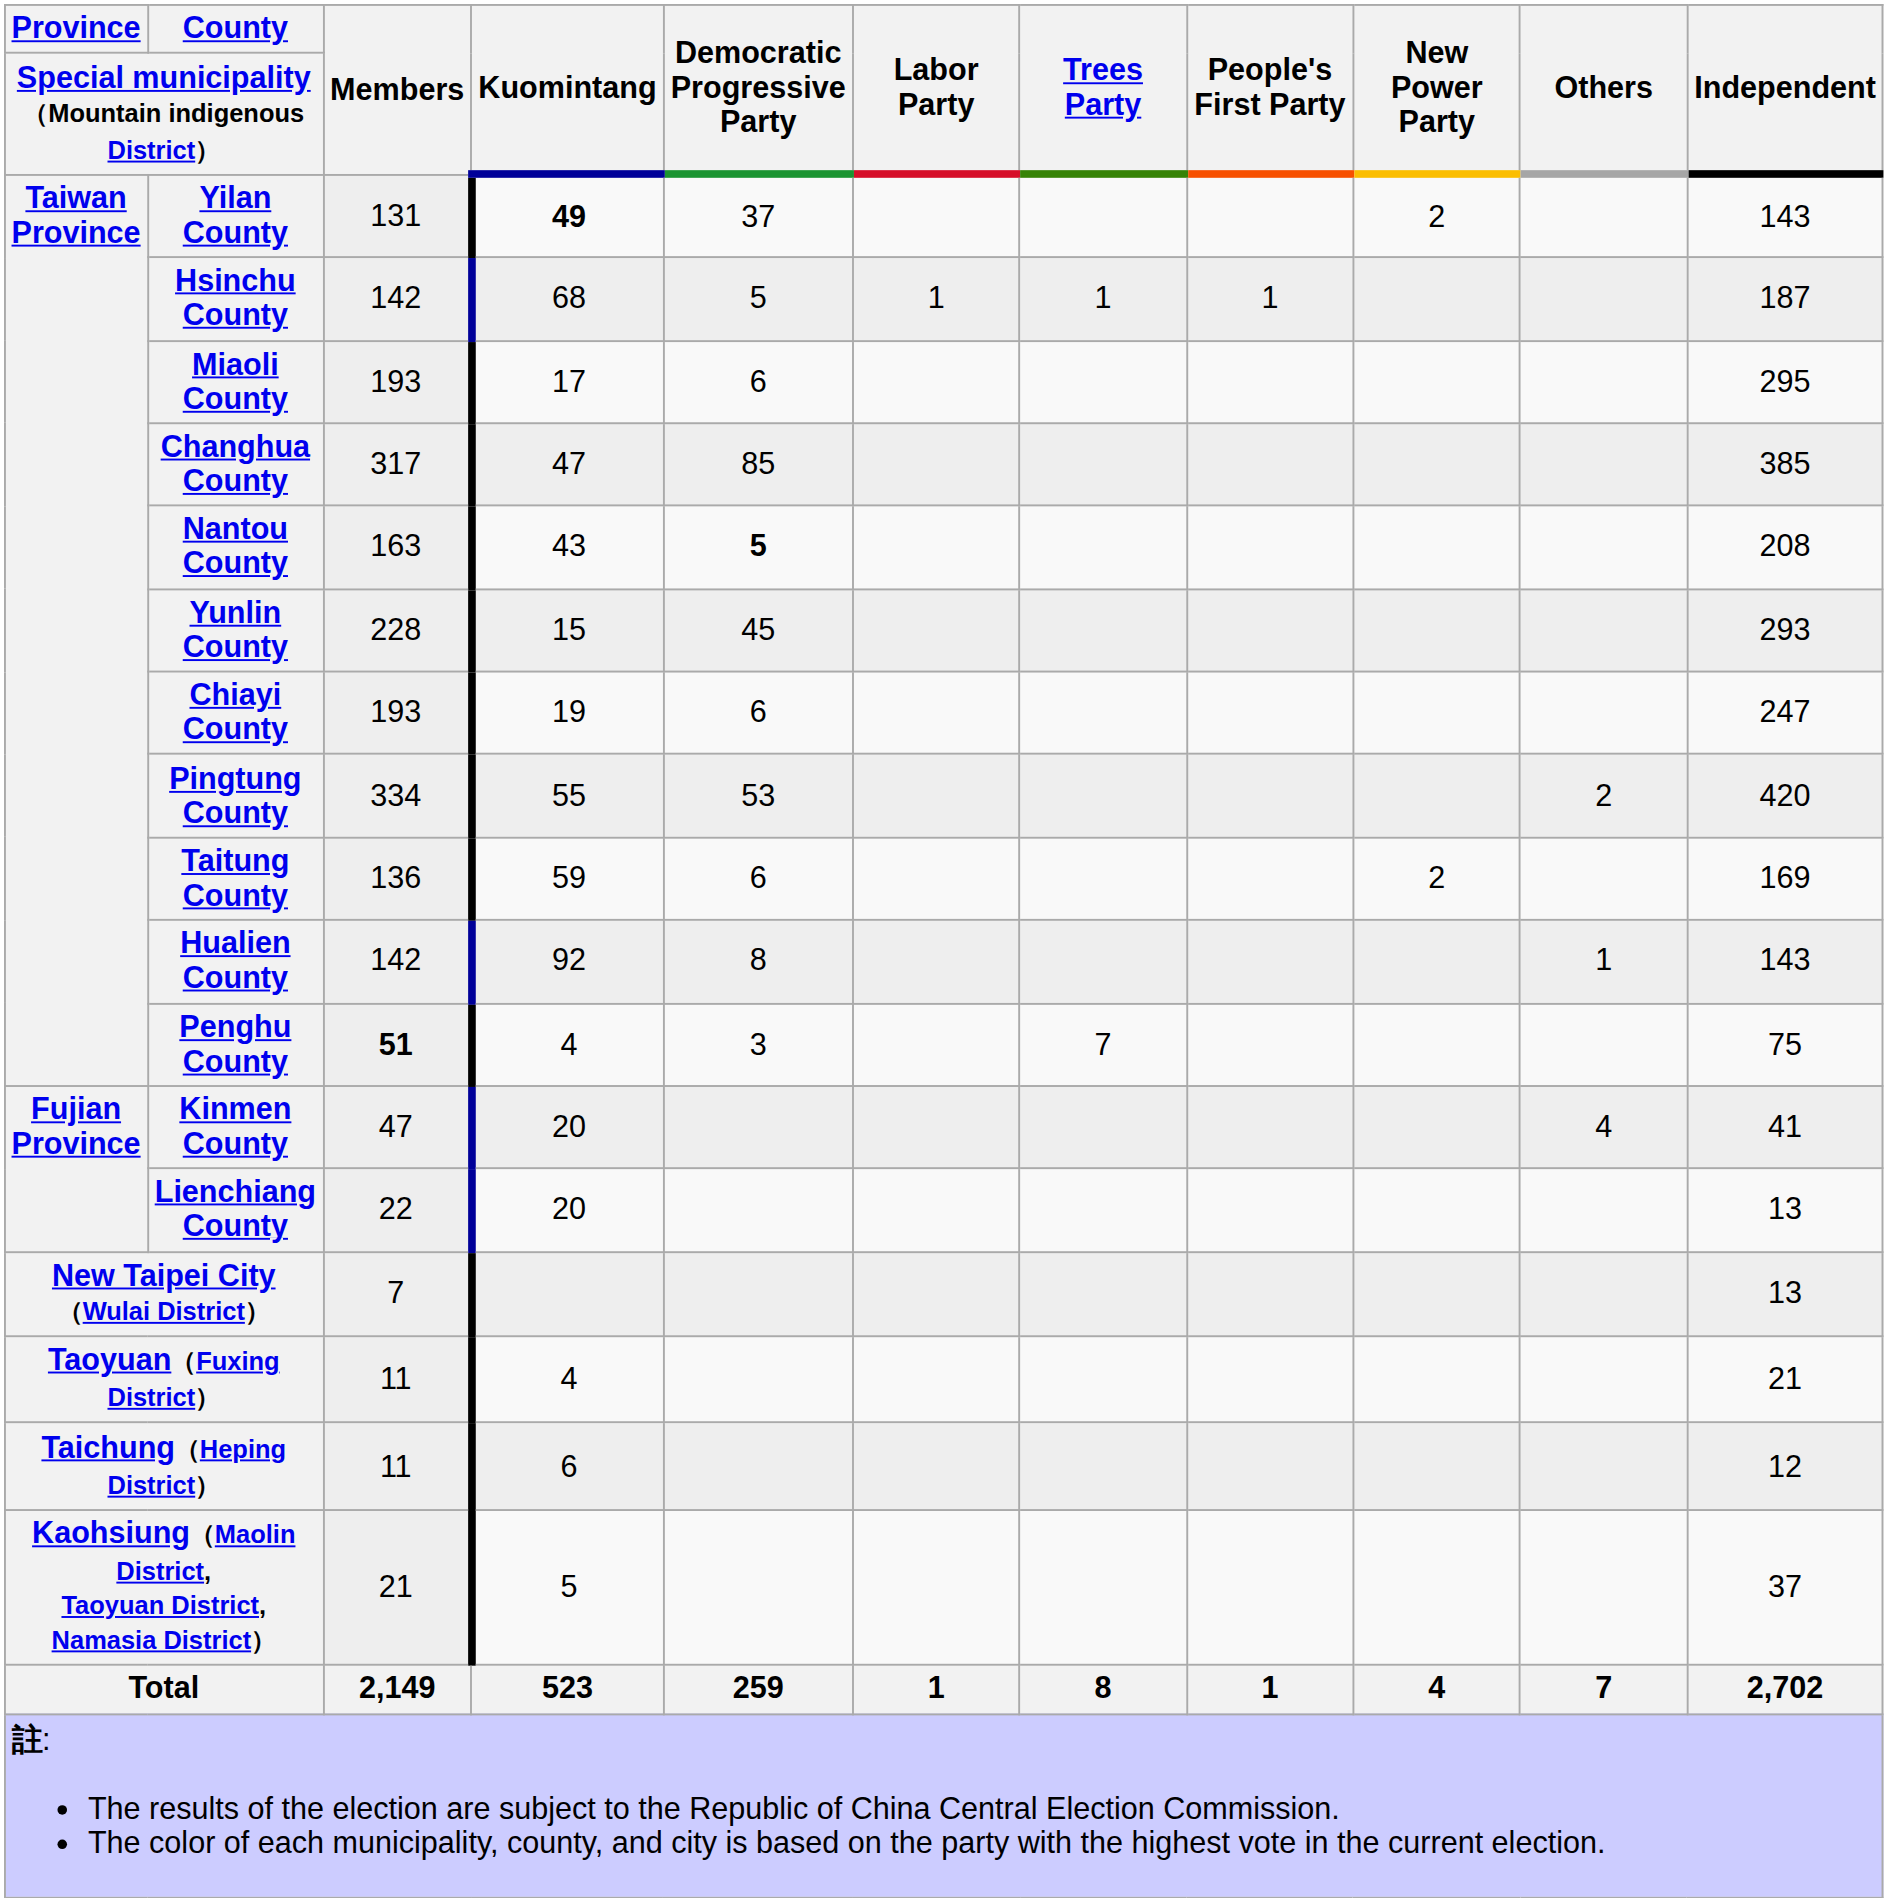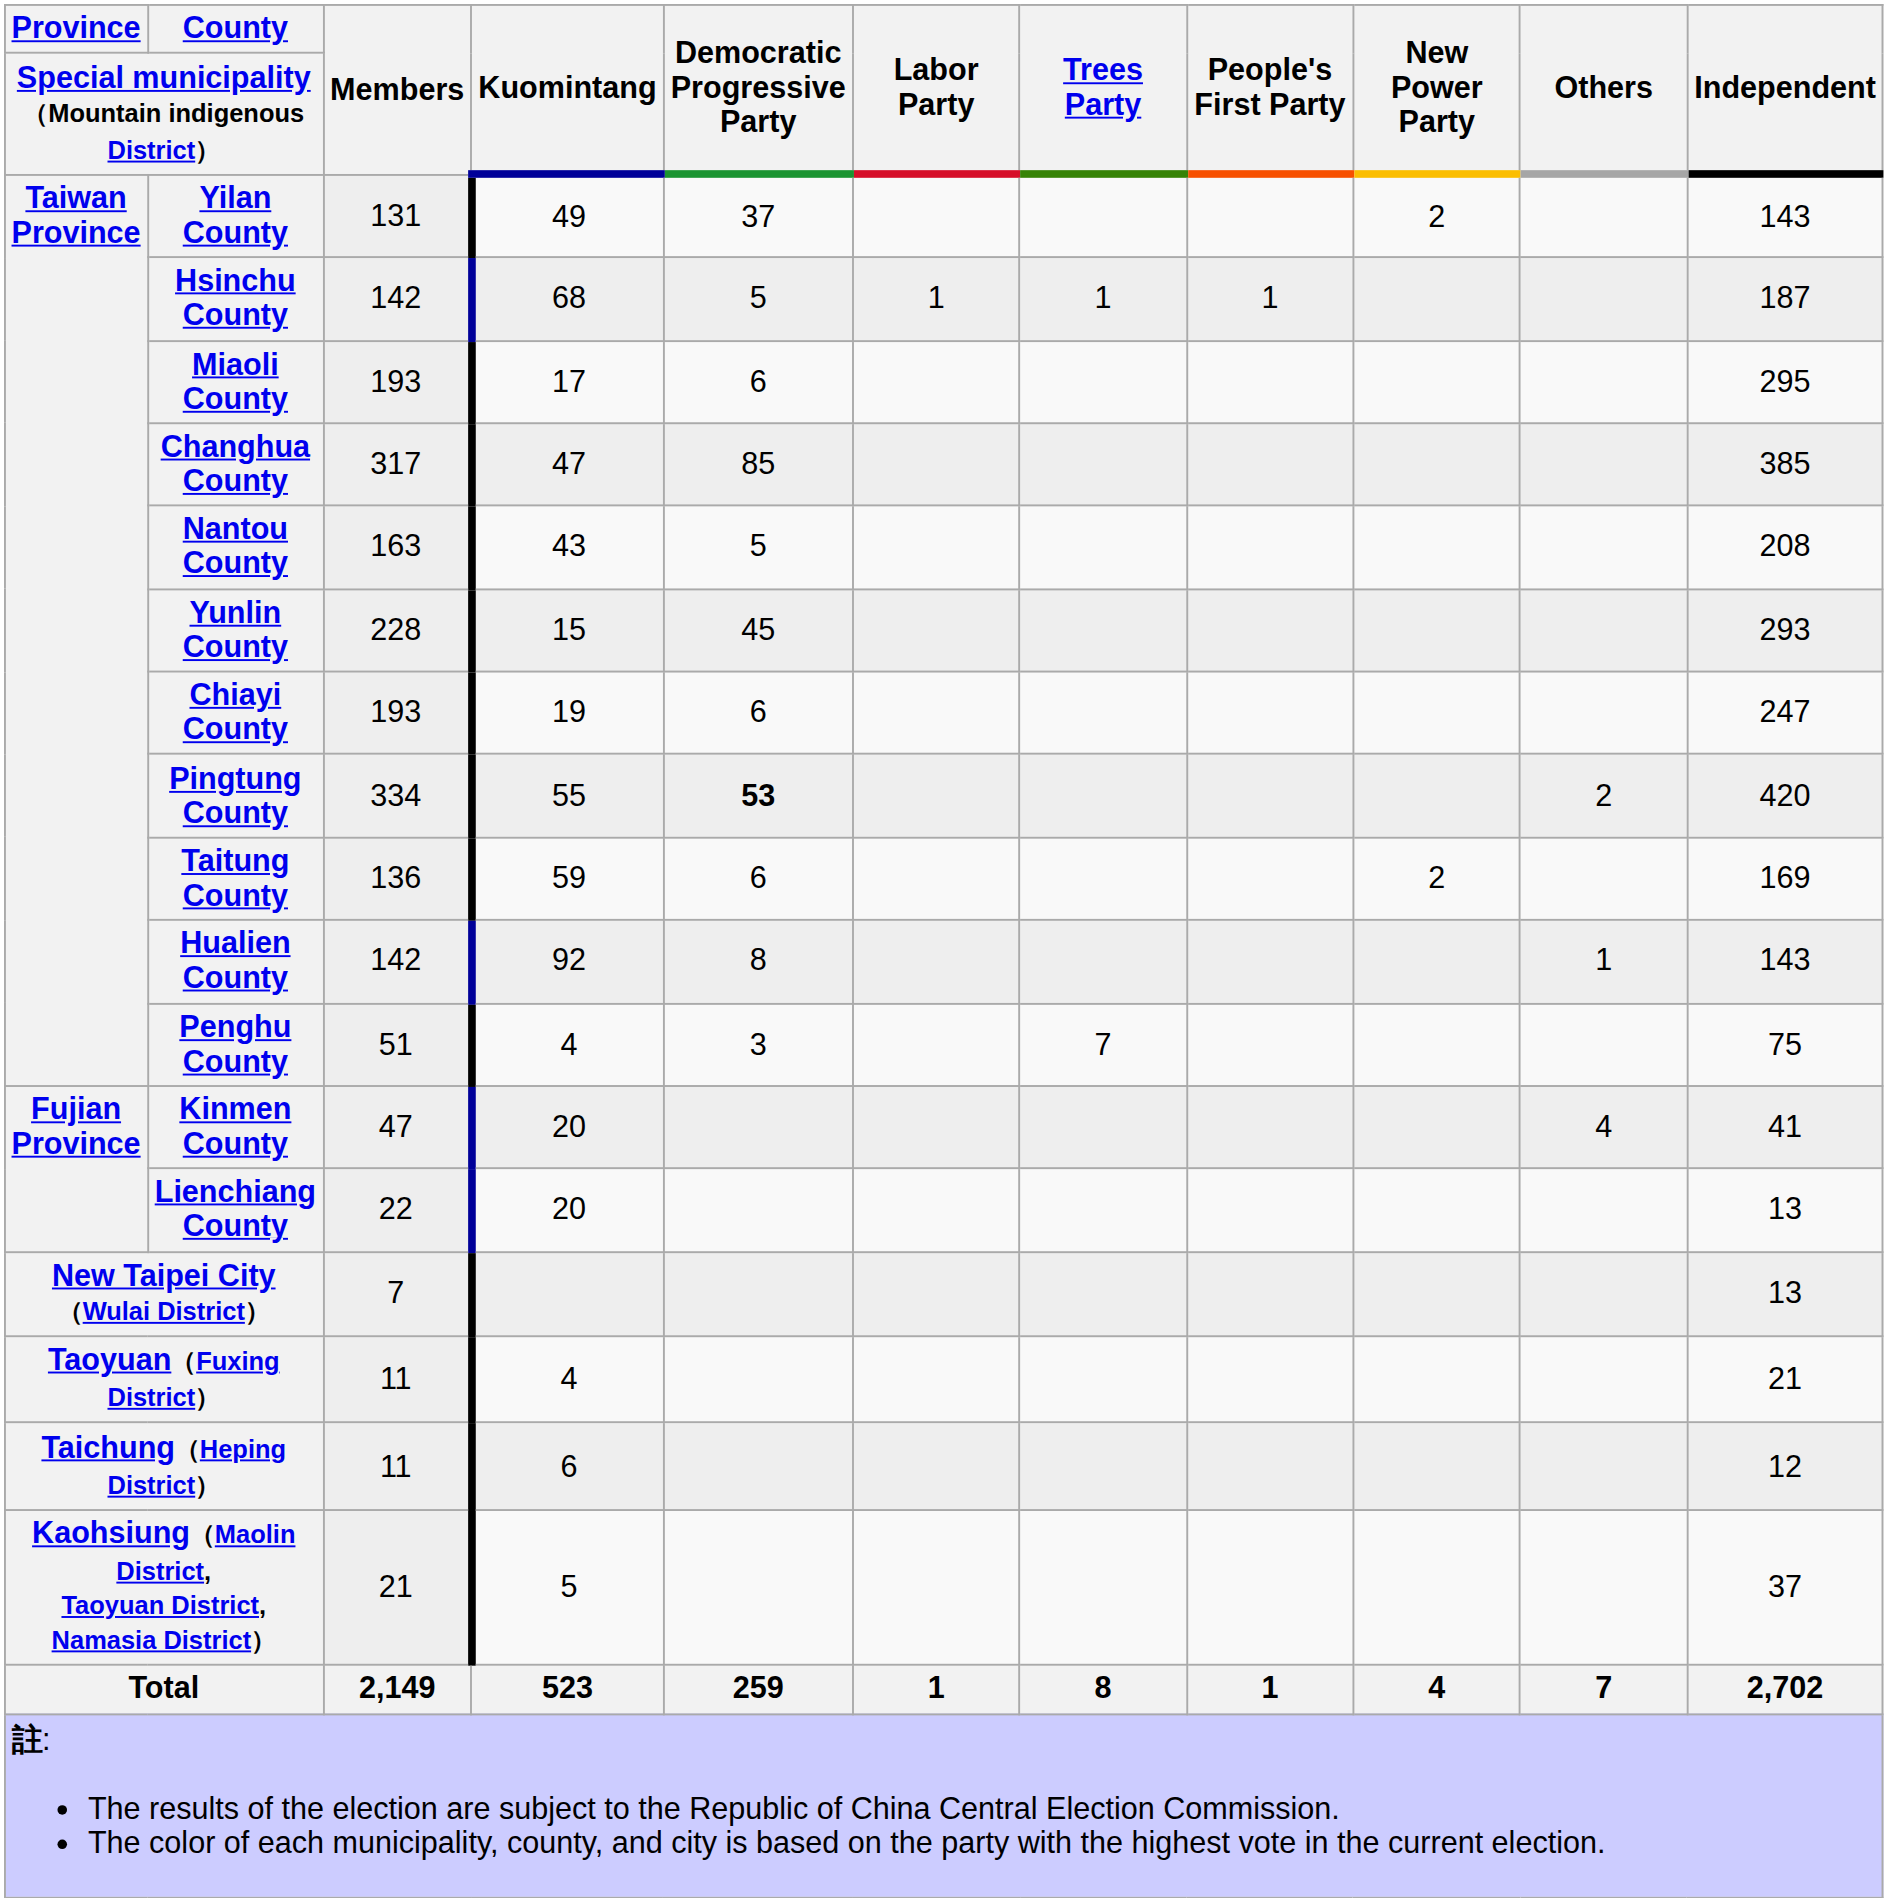 <table class="wikitable collapsible" style="text-align:center; margin:auto">
 <tr>
 <th style="width:60px;"><a href='#'>Province</a></th>
 <th style="width:60px;"><a href='#'>County</a></th>
 <th rowspan=2 style="width:50px;">Members</th>
 <th rowspan=2 style="width:80px; border-bottom:4px solid #000099;">Kuomintang</th>
 <th rowspan=2 style="width:80px; border-bottom:4px solid #1B9431;">Democratic Progressive Party</th>
 <th rowspan=2 style="width:80px; border-bottom:4px solid #D60E29;">Labor Party</th>
 <th rowspan=2 style="width:80px; border-bottom:4px solid #368306;"><a href='#'>Trees Party</a></th>
 <th rowspan=2 style="width:80px; border-bottom:4px solid #F75000;">People's First Party</th>
 <th rowspan=2 style="width:80px; border-bottom:4px solid #FBBE01;">New Power Party</th>
 <th rowspan=2 style="width:80px; border-bottom:4px solid #A6A6A6;">Others</th>
 <th rowspan=2 style="width:80px; border-bottom:4px solid #000000;">Independent</th>
 </tr>
 <tr>
 <th colspan=2><a href='#'>Special municipality</a><br><small>（Mountain indigenous <a href='#'>District</a>）</small></th>
 </tr>
 <tr>
 <th rowspan=11 valign=top><a href='#'>Taiwan Province</a></th>
 <th><a href='#'>Yilan County</a></th>
 <td bgcolor=#EEEEEE style="border-right:4px solid #000000;">131</td>
-<td><strong>49</strong></td>
+<td>49</td>
 <td>37</td>
 <td></td>
 <td></td>
 <td></td>
 <td>2</td>
 <td></td>
 <td>143</td>
 </tr>
 <tr bgcolor="#EEEEEE">
 <th><a href='#'>Hsinchu County</a></th>
 <td bgcolor=#EEEEEE style="border-right:4px solid #000099;">142</td>
 <td>68</td>
 <td>5</td>
 <td>1</td>
 <td>1</td>
 <td>1</td>
 <td></td>
 <td></td>
 <td>187</td>
 </tr>
 <tr>
 <th><a href='#'>Miaoli County</a></th>
 <td bgcolor=#EEEEEE style="border-right:4px solid #000000;">193</td>
 <td>17</td>
 <td>6</td>
 <td></td>
 <td></td>
 <td></td>
 <td></td>
 <td></td>
 <td>295</td>
 </tr>
 <tr bgcolor="#EEEEEE">
 <th><a href='#'>Changhua County</a></th>
 <td bgcolor=#EEEEEE style="border-right:4px solid #000000;">317</td>
 <td>47</td>
 <td>85</td>
 <td></td>
 <td></td>
 <td></td>
 <td></td>
 <td></td>
 <td>385</td>
 </tr>
 <tr>
 <th><a href='#'>Nantou County</a></th>
 <td bgcolor=#EEEEEE style="border-right:4px solid #000000;">163</td>
 <td>43</td>
-<td><strong>5</strong></td>
+<td>5</td>
 <td></td>
 <td></td>
 <td></td>
 <td></td>
 <td></td>
 <td>208</td>
 </tr>
 <tr bgcolor="#EEEEEE">
 <th><a href='#'>Yunlin County</a></th>
 <td bgcolor=#EEEEEE style="border-right:4px solid #000000;">228</td>
 <td>15</td>
 <td>45</td>
 <td></td>
 <td></td>
 <td></td>
 <td></td>
 <td></td>
 <td>293</td>
 </tr>
 <tr>
 <th><a href='#'>Chiayi County</a></th>
 <td bgcolor=#EEEEEE style="border-right:4px solid #000000;">193</td>
 <td>19</td>
 <td>6</td>
 <td></td>
 <td></td>
 <td></td>
 <td></td>
 <td></td>
 <td>247</td>
 </tr>
 <tr bgcolor="#EEEEEE">
 <th><a href='#'>Pingtung County</a></th>
 <td bgcolor=#EEEEEE style="border-right:4px solid #000000;">334</td>
 <td>55</td>
-<td>53</td>
+<td><strong>53</strong></td>
 <td></td>
 <td></td>
 <td></td>
 <td></td>
 <td>2</td>
 <td>420</td>
 </tr>
 <tr>
 <th><a href='#'>Taitung County</a></th>
 <td bgcolor=#EEEEEE style="border-right:4px solid #000000;">136</td>
 <td>59</td>
 <td>6</td>
 <td></td>
 <td></td>
 <td></td>
 <td>2</td>
 <td></td>
 <td>169</td>
 </tr>
 <tr bgcolor="#EEEEEE">
 <th><a href='#'>Hualien County</a></th>
 <td bgcolor=#EEEEEE style="border-right:4px solid #000099;">142</td>
 <td>92</td>
 <td>8</td>
 <td></td>
 <td></td>
 <td></td>
 <td></td>
 <td>1</td>
 <td>143</td>
 </tr>
 <tr>
 <th><a href='#'>Penghu County</a></th>
-<td bgcolor=#EEEEEE style="border-right:4px solid #000000;"><strong>51</strong></td>
+<td bgcolor=#EEEEEE style="border-right:4px solid #000000;">51</td>
 <td>4</td>
 <td>3</td>
 <td></td>
 <td>7</td>
 <td></td>
 <td></td>
 <td></td>
 <td>75</td>
 </tr>
 <tr bgcolor="#EEEEEE">
 <th rowspan=2 valign=top><a href='#'>Fujian Province</a></th>
 <th><a href='#'>Kinmen County</a></th>
 <td bgcolor=#EEEEEE style="border-right:4px solid #000099;">47</td>
 <td>20</td>
 <td></td>
 <td></td>
 <td></td>
 <td></td>
 <td></td>
 <td>4</td>
 <td>41</td>
 </tr>
 <tr>
 <th><a href='#'>Lienchiang County</a></th>
 <td bgcolor=#EEEEEE style="border-right:4px solid #000099;">22</td>
 <td>20</td>
 <td></td>
 <td></td>
 <td></td>
 <td></td>
 <td></td>
 <td></td>
 <td>13</td>
 </tr>
 <tr bgcolor="#EEEEEE">
 <th colspan=2><a href='#'>New Taipei City</a><small>（<a href='#'>Wulai District</a>）</small></th>
 <td bgcolor=#EEEEEE style="border-right:4px solid #000000;">7</td>
 <td></td>
 <td></td>
 <td></td>
 <td></td>
 <td></td>
 <td></td>
 <td></td>
 <td>13</td>
 </tr>
 <tr>
 <th colspan=2><a href='#'>Taoyuan</a><small>（<a href='#'>Fuxing District</a>）</small></th>
 <td bgcolor=#EEEEEE style="border-right:4px solid #000000;">11</td>
 <td>4</td>
 <td></td>
 <td></td>
 <td></td>
 <td></td>
 <td></td>
 <td></td>
 <td>21</td>
 </tr>
 <tr bgcolor="#EEEEEE">
 <th colspan=2><a href='#'>Taichung</a><small>（<a href='#'>Heping District</a>）</small></th>
 <td bgcolor=#EEEEEE style="border-right:4px solid #000000;">11</td>
 <td>6</td>
 <td></td>
 <td></td>
 <td></td>
 <td></td>
 <td></td>
 <td></td>
 <td>12</td>
 </tr>
 <tr>
 <th colspan=2><a href='#'>Kaohsiung</a><small>（<a href='#'>Maolin District</a>,<br><a href='#'>Taoyuan District</a>, <a href='#'>Namasia District</a>）</small></th>
 <td bgcolor=#EEEEEE style="border-right:4px solid #000000;">21</td>
 <td>5</td>
 <td></td>
 <td></td>
 <td></td>
 <td></td>
 <td></td>
 <td></td>
 <td>37</td>
 </tr>
 <tr>
 <th colspan=2>Total</th>
 <th>2,149</th>
 <th>523</th>
 <th>259</th>
 <th>1</th>
 <th>8</th>
 <th>1</th>
 <th>4</th>
 <th>7</th>
 <th>2,702</th>
 </tr>
 <tr>
 <td colspan=11 bgcolor=#CCCCFF align=left><strong>註</strong>:<br><ul><li>The results of the election are subject to the Republic of China Central Election Commission.</li><li>The color of each municipality, county, and city is based on the party with the highest vote in the current election.</li></ul></td>
 </tr>
 </table>
